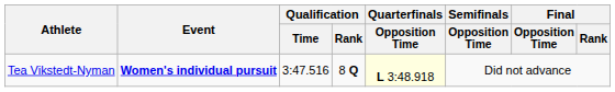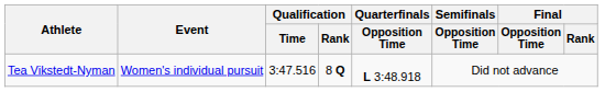 <table class="wikitable" style="font-size:90%">
 <tr>
 <th rowspan=2>Athlete</th>
 <th rowspan=2>Event</th>
 <th colspan=2>Qualification</th>
 <th>Quarterfinals</th>
 <th>Semifinals</th>
 <th colspan=2>Final</th>
 </tr>
 <tr style="font-size:95%">
 <th>Time</th>
 <th>Rank</th>
 <th>Opposition<br>Time</th>
 <th>Opposition<br>Time</th>
 <th>Opposition<br>Time</th>
 <th>Rank</th>
 </tr>
 <tr align=center>
 <td align=left><a href='#'>Tea Vikstedt-Nyman</a></td>
-<td align=left><strong><a href='#'>Women's individual pursuit</a></strong></td>
+<td align=left><a href='#'>Women's individual pursuit</a></td>
 <td>3:47.516</td>
 <td>8 <strong>Q</strong></td>
-<td style="background: lightyellow;"><br><strong>L</strong> 3:48.918</td>
+<td><br><strong>L</strong> 3:48.918</td>
 <td colspan=3>Did not advance</td>
 </tr>
 </table>
